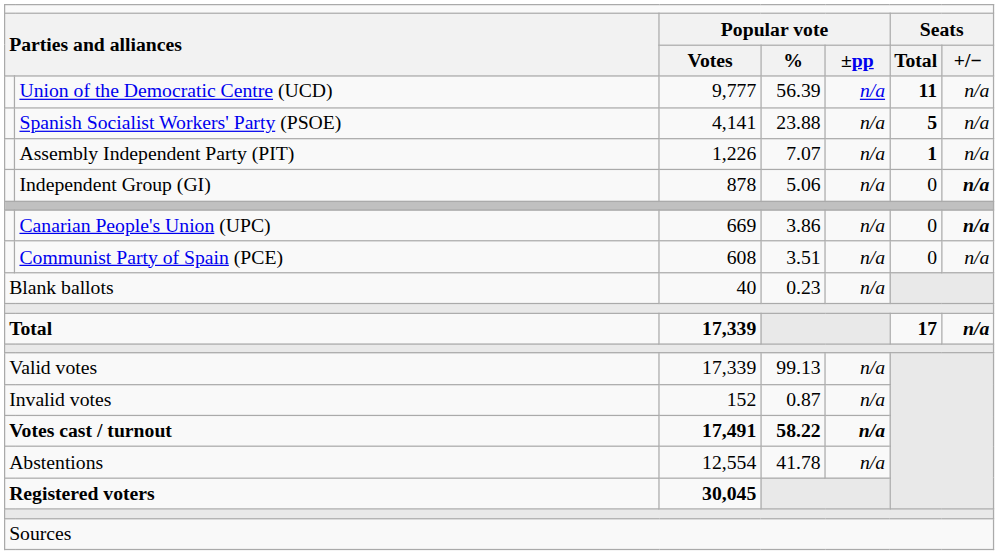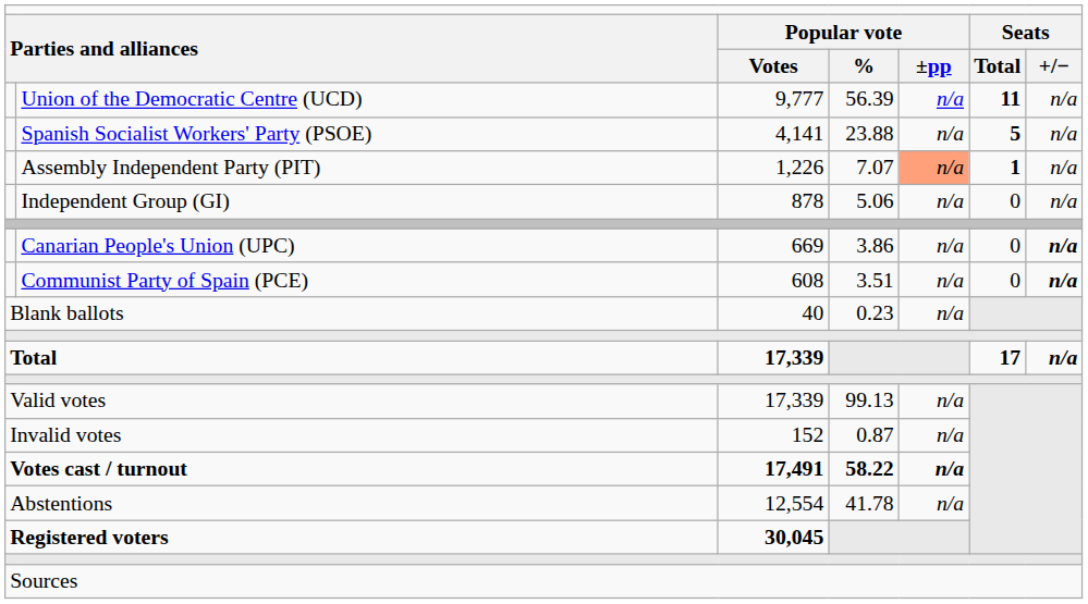 <table class="wikitable" style="text-align:right;">
 <tr>
 <td colspan="7"></td>
 </tr>
 <tr>
 <th style="text-align:left;" rowspan="2" colspan="2" width="525">Parties and alliances</th>
 <th colspan="3">Popular vote</th>
 <th colspan="2">Seats</th>
 </tr>
 <tr>
 <th width="75">Votes</th>
 <th width="45">%</th>
 <th width="45">±<a href='#'>pp</a></th>
 <th width="35">Total</th>
 <th width="35">+/−</th>
 </tr>
 <tr>
 <td width="1" style="color:inherit;background:"></td>
 <td align="left"><a href='#'>Union of the Democratic Centre</a> (UCD)</td>
 <td>9,777</td>
 <td>56.39</td>
 <td><em><a href='#'>n/a</a></em></td>
 <td><strong>11</strong></td>
 <td><em>n/a</em></td>
 </tr>
 <tr>
 <td style="color:inherit;background:"></td>
 <td align="left"><a href='#'>Spanish Socialist Workers' Party</a> (PSOE)</td>
 <td>4,141</td>
 <td>23.88</td>
 <td><em>n/a</em></td>
 <td><strong>5</strong></td>
 <td><em>n/a</em></td>
 </tr>
 <tr>
 <td style="color:inherit;background:"></td>
 <td align="left">Assembly Independent Party (PIT)</td>
 <td>1,226</td>
 <td>7.07</td>
-<td><em>n/a</em></td>
+<td style="background: lightsalmon;"><em>n/a</em></td>
 <td><strong>1</strong></td>
 <td><em>n/a</em></td>
 </tr>
 <tr>
 <td style="color:inherit;background:"></td>
 <td align="left">Independent Group (GI)</td>
 <td>878</td>
 <td>5.06</td>
 <td><em>n/a</em></td>
 <td>0</td>
-<td><strong><em>n/a</em></strong></td>
+<td><em>n/a</em></td>
 </tr>
 <tr>
 <td colspan="7" bgcolor="#C0C0C0"></td>
 </tr>
 <tr>
 <td style="color:inherit;background:"></td>
 <td align="left"><a href='#'>Canarian People's Union</a> (UPC)</td>
 <td>669</td>
 <td>3.86</td>
 <td><em>n/a</em></td>
 <td>0</td>
 <td><strong><em>n/a</em></strong></td>
 </tr>
 <tr>
 <td style="color:inherit;background:"></td>
 <td align="left"><a href='#'>Communist Party of Spain</a> (PCE)</td>
 <td>608</td>
 <td>3.51</td>
 <td><em>n/a</em></td>
 <td>0</td>
-<td><em>n/a</em></td>
+<td><strong><em>n/a</em></strong></td>
 </tr>
 <tr>
 <td align="left" colspan="2">Blank ballots</td>
 <td>40</td>
 <td>0.23</td>
 <td><em>n/a</em></td>
 <td bgcolor="#E9E9E9" colspan="2"></td>
 </tr>
 <tr>
 <td colspan="7" bgcolor="#E9E9E9"></td>
 </tr>
 <tr style="font-weight:bold;">
 <td align="left" colspan="2">Total</td>
 <td>17,339</td>
 <td bgcolor="#E9E9E9" colspan="2"></td>
 <td>17</td>
 <td><em>n/a</em></td>
 </tr>
 <tr>
 <td colspan="7" bgcolor="#E9E9E9"></td>
 </tr>
 <tr>
 <td align="left" colspan="2">Valid votes</td>
 <td>17,339</td>
 <td>99.13</td>
 <td><em>n/a</em></td>
 <td bgcolor="#E9E9E9" colspan="2" rowspan="5"></td>
 </tr>
 <tr>
 <td align="left" colspan="2">Invalid votes</td>
 <td>152</td>
 <td>0.87</td>
 <td><em>n/a</em></td>
 </tr>
 <tr style="font-weight:bold;">
 <td align="left" colspan="2">Votes cast / turnout</td>
 <td>17,491</td>
 <td>58.22</td>
 <td><em>n/a</em></td>
 </tr>
 <tr>
 <td align="left" colspan="2">Abstentions</td>
 <td>12,554</td>
 <td>41.78</td>
 <td><em>n/a</em></td>
 </tr>
 <tr style="font-weight:bold;">
 <td align="left" colspan="2">Registered voters</td>
 <td>30,045</td>
 <td bgcolor="#E9E9E9" colspan="2"></td>
 </tr>
 <tr>
 <td colspan="7" bgcolor="#E9E9E9"></td>
 </tr>
 <tr>
 <td align="left" colspan="7">Sources</td>
 </tr>
 </table>
